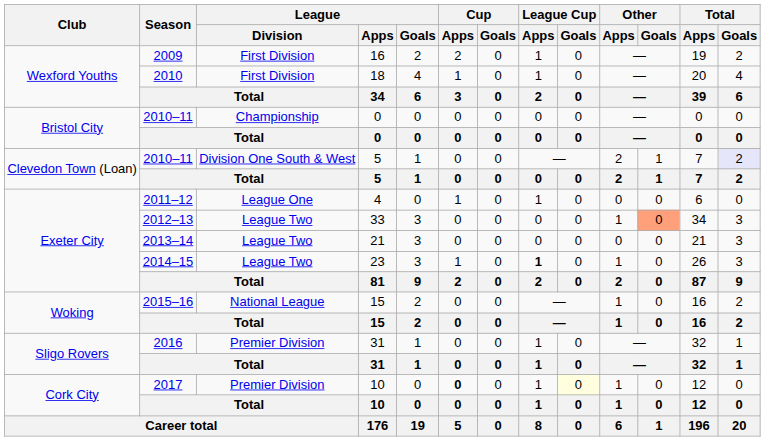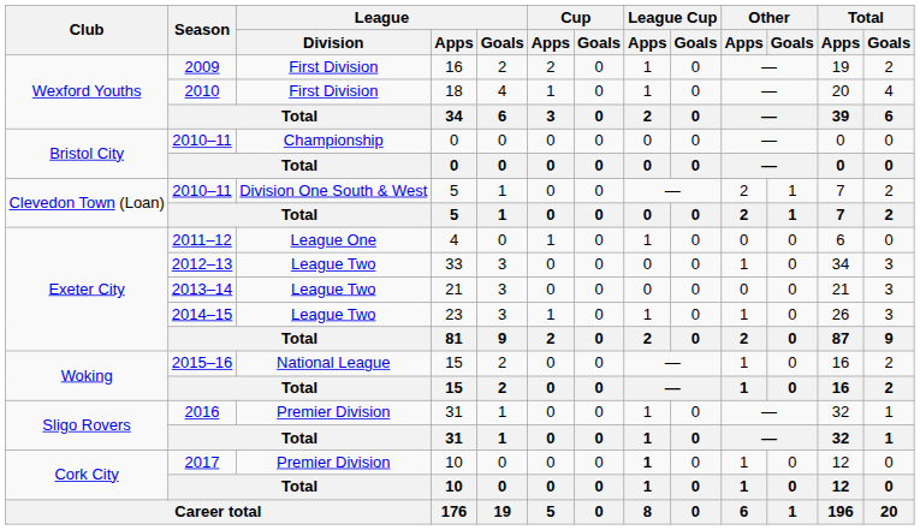 <table class="wikitable" style="text-align: center;">
 <tr>
 <th rowspan="2">Club</th>
 <th rowspan="2">Season</th>
 <th colspan="3">League</th>
 <th colspan="2">Cup</th>
 <th colspan="2">League Cup</th>
 <th colspan="2">Other</th>
 <th colspan="2">Total</th>
 </tr>
 <tr>
 <th>Division</th>
 <th>Apps</th>
 <th>Goals</th>
 <th>Apps</th>
 <th>Goals</th>
 <th>Apps</th>
 <th>Goals</th>
 <th>Apps</th>
 <th>Goals</th>
 <th>Apps</th>
 <th>Goals</th>
 </tr>
 <tr>
 <td rowspan="3" valign="center"><a href='#'>Wexford Youths</a></td>
 <td><a href='#'>2009</a></td>
 <td><a href='#'>First Division</a></td>
 <td>16</td>
 <td>2</td>
 <td>2</td>
 <td>0</td>
 <td>1</td>
 <td>0</td>
 <td colspan="2">—</td>
 <td>19</td>
 <td>2</td>
 </tr>
 <tr>
 <td><a href='#'>2010</a></td>
 <td><a href='#'>First Division</a></td>
 <td>18</td>
 <td>4</td>
 <td>1</td>
 <td>0</td>
 <td>1</td>
 <td>0</td>
 <td colspan="2">—</td>
 <td>20</td>
 <td>4</td>
 </tr>
 <tr>
 <th colspan="2">Total</th>
 <th>34</th>
 <th>6</th>
 <th>3</th>
 <th>0</th>
 <th>2</th>
 <th>0</th>
 <th colspan="2">—</th>
 <th>39</th>
 <th>6</th>
 </tr>
 <tr>
 <td rowspan="2" valign="center"><a href='#'>Bristol City</a></td>
 <td><a href='#'>2010–11</a></td>
 <td><a href='#'>Championship</a></td>
 <td>0</td>
 <td>0</td>
 <td>0</td>
 <td>0</td>
 <td>0</td>
 <td>0</td>
 <td colspan="2">—</td>
 <td>0</td>
 <td>0</td>
 </tr>
 <tr>
 <th colspan="2">Total</th>
 <th>0</th>
 <th>0</th>
 <th>0</th>
 <th>0</th>
 <th>0</th>
 <th>0</th>
 <th colspan="2">—</th>
 <th>0</th>
 <th>0</th>
 </tr>
 <tr>
 <td rowspan="2" valign="center"><a href='#'>Clevedon Town</a> (Loan)</td>
 <td><a href='#'>2010–11</a></td>
 <td><a href='#'>Division One South & West</a></td>
 <td>5</td>
 <td>1</td>
 <td>0</td>
 <td>0</td>
 <td colspan="2">—</td>
 <td>2</td>
 <td>1</td>
 <td>7</td>
-<td style="background: lavender;">2</td>
+<td>2</td>
 </tr>
 <tr>
 <th colspan="2">Total</th>
 <th>5</th>
 <th>1</th>
 <th>0</th>
 <th>0</th>
 <th>0</th>
 <th>0</th>
 <th>2</th>
 <th>1</th>
 <th>7</th>
 <th>2</th>
 </tr>
 <tr>
 <td rowspan="5" valign="center"><a href='#'>Exeter City</a></td>
 <td><a href='#'>2011–12</a></td>
 <td><a href='#'>League One</a></td>
 <td>4</td>
 <td>0</td>
 <td>1</td>
 <td>0</td>
 <td>1</td>
 <td>0</td>
 <td>0</td>
 <td>0</td>
 <td>6</td>
 <td>0</td>
 </tr>
 <tr>
 <td><a href='#'>2012–13</a></td>
 <td><a href='#'>League Two</a></td>
 <td>33</td>
 <td>3</td>
 <td>0</td>
 <td>0</td>
 <td>0</td>
 <td>0</td>
 <td>1</td>
-<td style="background: lightsalmon;">0</td>
+<td>0</td>
 <td>34</td>
 <td>3</td>
 </tr>
 <tr>
 <td><a href='#'>2013–14</a></td>
 <td><a href='#'>League Two</a></td>
 <td>21</td>
 <td>3</td>
 <td>0</td>
 <td>0</td>
 <td>0</td>
 <td>0</td>
 <td>0</td>
 <td>0</td>
 <td>21</td>
 <td>3</td>
 </tr>
 <tr>
 <td><a href='#'>2014–15</a></td>
 <td><a href='#'>League Two</a></td>
 <td>23</td>
 <td>3</td>
 <td>1</td>
 <td>0</td>
-<td><strong>1</strong></td>
+<td>1</td>
 <td>0</td>
 <td>1</td>
 <td>0</td>
 <td>26</td>
 <td>3</td>
 </tr>
 <tr>
 <th colspan="2">Total</th>
 <th>81</th>
 <th>9</th>
 <th>2</th>
 <th>0</th>
 <th>2</th>
 <th>0</th>
 <th>2</th>
 <th>0</th>
 <th>87</th>
 <th>9</th>
 </tr>
 <tr>
 <td rowspan="2" valign="center"><a href='#'>Woking</a></td>
 <td><a href='#'>2015–16</a></td>
 <td><a href='#'>National League</a></td>
 <td>15</td>
 <td>2</td>
 <td>0</td>
 <td>0</td>
 <td colspan="2">—</td>
 <td>1</td>
 <td>0</td>
 <td>16</td>
 <td>2</td>
 </tr>
 <tr>
 <th colspan="2">Total</th>
 <th>15</th>
 <th>2</th>
 <th>0</th>
 <th>0</th>
 <th colspan="2">—</th>
 <th>1</th>
 <th>0</th>
 <th>16</th>
 <th>2</th>
 </tr>
 <tr>
 <td rowspan="2" valign="center"><a href='#'>Sligo Rovers</a></td>
 <td><a href='#'>2016</a></td>
 <td><a href='#'>Premier Division</a></td>
 <td>31</td>
 <td>1</td>
 <td>0</td>
 <td>0</td>
 <td>1</td>
 <td>0</td>
 <td colspan="2">—</td>
 <td>32</td>
 <td>1</td>
 </tr>
 <tr>
 <th colspan="2">Total</th>
 <th>31</th>
 <th>1</th>
 <th>0</th>
 <th>0</th>
 <th>1</th>
 <th>0</th>
 <th colspan="2">—</th>
 <th>32</th>
 <th>1</th>
 </tr>
 <tr>
 <td rowspan="2" valign="center"><a href='#'>Cork City</a></td>
 <td><a href='#'>2017</a></td>
 <td><a href='#'>Premier Division</a></td>
 <td>10</td>
 <td>0</td>
-<td><strong>0</strong></td>
 <td>0</td>
-<td>1</td>
-<td style="background: lightyellow;">0</td>
+<td>0</td>
+<td><strong>1</strong></td>
+<td>0</td>
 <td>1</td>
 <td>0</td>
 <td>12</td>
 <td>0</td>
 </tr>
 <tr>
 <th colspan="2">Total</th>
 <th>10</th>
 <th>0</th>
 <th>0</th>
 <th>0</th>
 <th>1</th>
 <th>0</th>
 <th>1</th>
 <th>0</th>
 <th>12</th>
 <th>0</th>
 </tr>
 <tr>
 <th colspan="3">Career total</th>
 <th>176</th>
 <th>19</th>
 <th>5</th>
 <th>0</th>
 <th>8</th>
 <th>0</th>
 <th>6</th>
 <th>1</th>
 <th>196</th>
 <th>20</th>
 </tr>
 </table>
